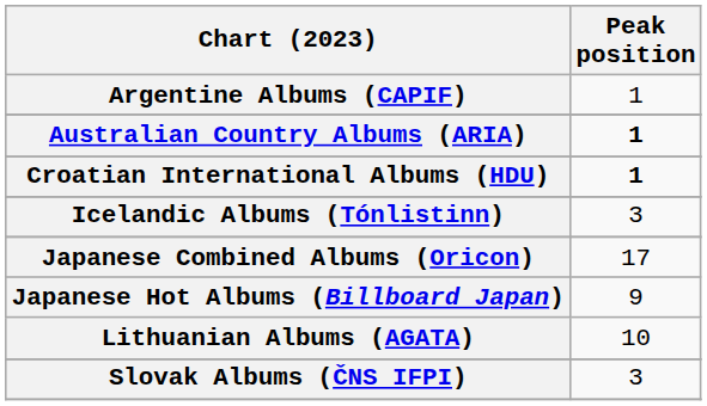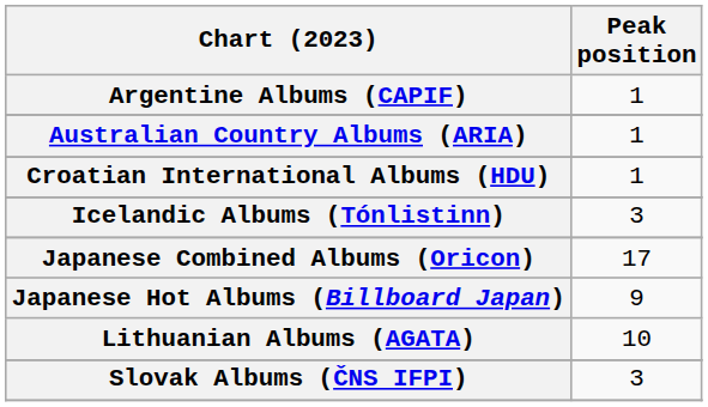 <table class="wikitable sortable plainrowheaders" style="text-align:center">
 <tr>
 <th scope="col">Chart (2023)</th>
 <th scope="col">Peak<br>position</th>
 </tr>
 <tr>
 <th scope="row">Argentine Albums (<a href='#'>CAPIF</a>)</th>
 <td>1</td>
 </tr>
 <tr>
 </tr>
 <tr>
 <th scope="row"><a href='#'>Australian Country Albums</a> (<a href='#'>ARIA</a>)</th>
-<td><strong>1</strong></td>
+<td>1</td>
 </tr>
 <tr>
 </tr>
 <tr>
 </tr>
 <tr>
 </tr>
 <tr>
 </tr>
 <tr>
 <th scope="row">Croatian International Albums (<a href='#'>HDU</a>)</th>
-<td><strong>1</strong></td>
+<td>1</td>
 </tr>
 <tr>
 </tr>
 <tr>
 </tr>
 <tr>
 </tr>
 <tr>
 </tr>
 <tr>
 </tr>
 <tr>
 </tr>
 <tr>
 </tr>
 <tr>
 <th scope="row">Icelandic Albums (<a href='#'>Tónlistinn</a>)</th>
 <td>3</td>
 </tr>
 <tr>
 </tr>
 <tr>
 </tr>
 <tr>
 </tr>
 <tr>
 <th scope="row">Japanese Combined Albums (<a href='#'>Oricon</a>)</th>
 <td>17</td>
 </tr>
 <tr>
 <th scope="row">Japanese Hot Albums (<em><a href='#'>Billboard Japan</a></em>)</th>
 <td>9</td>
 </tr>
 <tr>
 <th scope="row">Lithuanian Albums (<a href='#'>AGATA</a>)</th>
 <td>10</td>
 </tr>
 <tr>
 </tr>
 <tr>
 </tr>
 <tr>
 </tr>
 <tr>
 </tr>
 <tr>
 <th scope="row">Slovak Albums (<a href='#'>ČNS IFPI</a>)</th>
 <td>3</td>
 </tr>
 <tr>
 </tr>
 <tr>
 </tr>
 <tr>
 </tr>
 <tr>
 </tr>
 <tr>
 </tr>
 </table>
